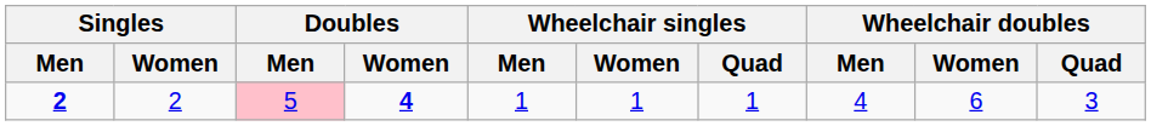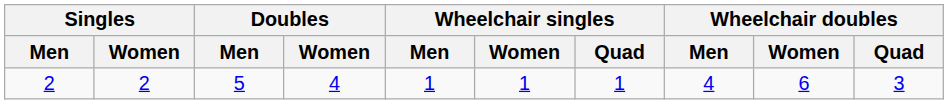 <table class="wikitable nowrap" style="text-align: center; width: 60%;">
 <tr>
 <th colspan="2">Singles</th>
 <th colspan="2">Doubles</th>
 <th colspan="3">Wheelchair singles</th>
 <th colspan="3">Wheelchair doubles</th>
 </tr>
 <tr>
 <th width="50">Men</th>
 <th width="50">Women</th>
 <th width="50">Men</th>
 <th width="50">Women</th>
 <th width="50">Men</th>
 <th width="50">Women</th>
 <th width="50">Quad</th>
 <th width="50">Men</th>
 <th width="50">Women</th>
 <th width="50">Quad</th>
 </tr>
 <tr>
-<td><strong><a href='#'>2</a></strong></td>
 <td><a href='#'>2</a></td>
-<td style="background: pink;"><a href='#'>5</a></td>
-<td><strong><a href='#'>4</a></strong></td>
+<td><a href='#'>2</a></td>
+<td><a href='#'>5</a></td>
+<td><a href='#'>4</a></td>
 <td><a href='#'>1</a></td>
 <td><a href='#'>1</a></td>
 <td><a href='#'>1</a></td>
 <td><a href='#'>4</a></td>
 <td><a href='#'>6</a></td>
 <td><a href='#'>3</a></td>
 </tr>
 </table>
